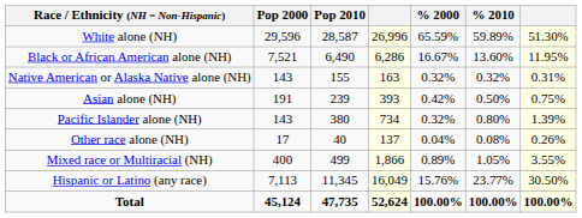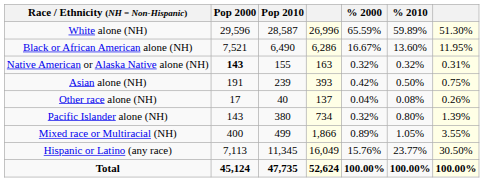 <table class="wikitable" style="text-align:center;">
 <tr>
 <th>Race / Ethnicity <small>(<em>NH = Non-Hispanic</em>)</small></th>
 <th>Pop 2000</th>
 <th>Pop 2010</th>
 <th></th>
 <th>% 2000</th>
 <th>% 2010</th>
 <th></th>
 </tr>
 <tr>
 <td><a href='#'>White</a> alone (NH)</td>
 <td>29,596</td>
 <td>28,587</td>
 <td style='background: #ffffe6;'>26,996</td>
 <td>65.59%</td>
 <td>59.89%</td>
 <td style='background: #ffffe6;'>51.30%</td>
 </tr>
 <tr>
 <td><a href='#'>Black or African American</a> alone (NH)</td>
 <td>7,521</td>
 <td>6,490</td>
 <td style='background: #ffffe6;'>6,286</td>
 <td>16.67%</td>
 <td>13.60%</td>
 <td style='background: #ffffe6;'>11.95%</td>
 </tr>
 <tr>
 <td><a href='#'>Native American</a> or <a href='#'>Alaska Native</a> alone (NH)</td>
-<td>143</td>
+<td><strong>143</strong></td>
 <td>155</td>
 <td style='background: #ffffe6;'>163</td>
 <td>0.32%</td>
 <td>0.32%</td>
 <td style='background: #ffffe6;'>0.31%</td>
 </tr>
 <tr>
 <td><a href='#'>Asian</a> alone (NH)</td>
 <td>191</td>
 <td>239</td>
 <td style='background: #ffffe6;'>393</td>
 <td>0.42%</td>
 <td>0.50%</td>
 <td style='background: #ffffe6;'>0.75%</td>
 </tr>
 <tr>
+<td><a href='#'>Other race</a> alone (NH)</td>
+<td>17</td>
+<td>40</td>
+<td style='background: #ffffe6;'>137</td>
+<td>0.04%</td>
+<td>0.08%</td>
+<td style='background: #ffffe6;'>0.26%</td>
+</tr>
+<tr>
 <td><a href='#'>Pacific Islander</a> alone (NH)</td>
 <td>143</td>
 <td>380</td>
 <td style='background: #ffffe6;'>734</td>
 <td>0.32%</td>
 <td>0.80%</td>
 <td style='background: #ffffe6;'>1.39%</td>
-</tr>
-<tr>
-<td><a href='#'>Other race</a> alone (NH)</td>
-<td>17</td>
-<td>40</td>
-<td style='background: #ffffe6;'>137</td>
-<td>0.04%</td>
-<td>0.08%</td>
-<td style='background: #ffffe6;'>0.26%</td>
 </tr>
 <tr>
 <td><a href='#'>Mixed race or Multiracial</a> (NH)</td>
 <td>400</td>
 <td>499</td>
 <td style='background: #ffffe6;'>1,866</td>
 <td>0.89%</td>
 <td>1.05%</td>
 <td style='background: #ffffe6;'>3.55%</td>
 </tr>
 <tr>
 <td><a href='#'>Hispanic or Latino</a> (any race)</td>
 <td>7,113</td>
 <td>11,345</td>
 <td style='background: #ffffe6;'>16,049</td>
 <td>15.76%</td>
 <td>23.77%</td>
 <td style='background: #ffffe6;'>30.50%</td>
 </tr>
 <tr>
 <td><strong>Total</strong></td>
 <td><strong>45,124</strong></td>
 <td><strong>47,735</strong></td>
 <td style='background: #ffffe6;'><strong>52,624</strong></td>
 <td><strong>100.00%</strong></td>
 <td><strong>100.00%</strong></td>
 <td style='background: #ffffe6;'><strong>100.00%</strong></td>
 </tr>
 </table>
